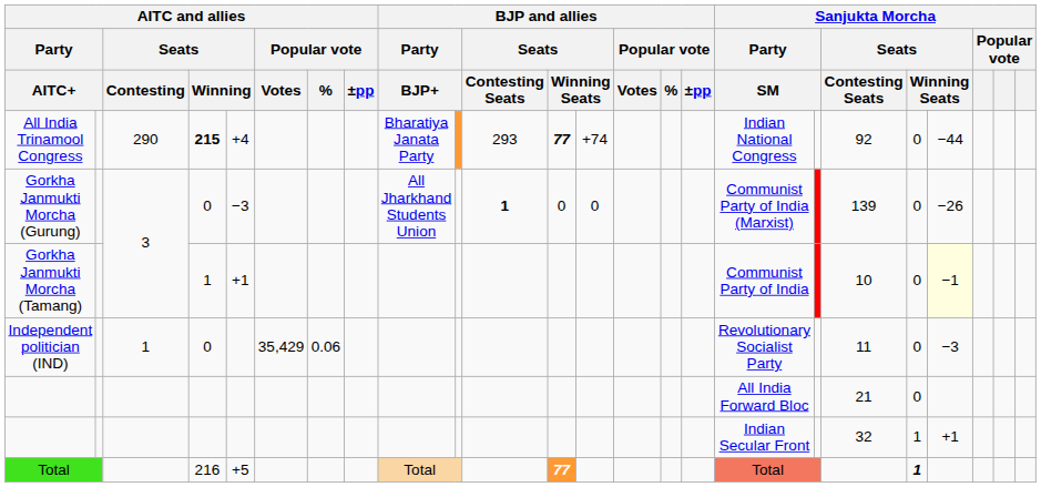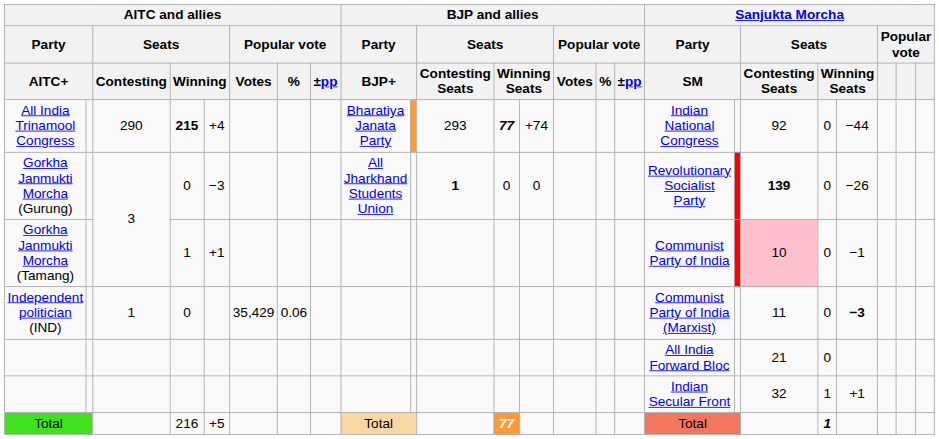 <table class="wikitable" width="35%" style="text-align:center;  font-size: x-big">
 <tr>
 <th colspan="8">AITC and allies</th>
 <th colspan="8">BJP and allies</th>
 <th colspan="8"><a href='#'>Sanjukta Morcha</a></th>
 </tr>
 <tr>
 <th colspan="2">Party</th>
 <th colspan="3">Seats</th>
 <th colspan="3">Popular vote</th>
 <th colspan="2">Party</th>
 <th colspan="3">Seats</th>
 <th colspan="3">Popular vote</th>
 <th colspan="2">Party</th>
 <th colspan="3">Seats</th>
 <th colspan="3">Popular vote</th>
 </tr>
 <tr>
 <th colspan="2" style="background:">AITC+</th>
 <th style="background:">Contesting</th>
 <th colspan="2" style="background:">Winning</th>
 <th>Votes</th>
 <th>%</th>
 <th>±<a href='#'>pp</a></th>
 <th colspan="2" style="background:">BJP+</th>
 <th style="background:">Contesting Seats</th>
 <th colspan="2" style="background:">Winning Seats</th>
 <th>Votes</th>
 <th>%</th>
 <th>±<a href='#'>pp</a></th>
 <th colspan="2" style="background:">SM</th>
 <th style="background:">Contesting Seats</th>
 <th colspan="2" style="background:">Winning Seats</th>
 <th></th>
 <th></th>
 <th></th>
 </tr>
 <tr>
 <td><a href='#'>All India Trinamool Congress</a></td>
 <td width="3px" style="background-color: "></td>
 <td>290</td>
 <td><strong>215</strong></td>
 <td>+4</td>
 <td></td>
 <td></td>
 <td></td>
 <td><a href='#'>Bharatiya Janata Party</a></td>
 <td width="3px" style="background-color: #FF9933"></td>
 <td>293</td>
 <td><strong><em>77</em></strong></td>
 <td>+74</td>
 <td></td>
 <td></td>
 <td></td>
 <td><a href='#'>Indian National Congress</a></td>
 <td width="3px" style="background-color: "></td>
 <td>92</td>
 <td>0</td>
 <td>−44</td>
 <td></td>
 <td></td>
 <td></td>
 </tr>
 <tr>
 <td><a href='#'>Gorkha Janmukti Morcha</a> (Gurung)</td>
 <td width="3px" style="background-color: "></td>
 <td rowspan=2>3</td>
 <td>0</td>
 <td>−3</td>
 <td></td>
 <td></td>
 <td></td>
 <td><a href='#'>All Jharkhand Students Union</a></td>
 <td width="3px" style="background-color: "></td>
 <td><strong>1</strong></td>
 <td>0</td>
 <td>0</td>
 <td></td>
 <td></td>
 <td></td>
-<td><a href='#'>Communist Party of India (Marxist)</a></td>
+<td><a href='#'>Revolutionary Socialist Party</a></td>
 <td width="3px" style="background-color: #FF0000"></td>
-<td>139</td>
+<td><strong>139</strong></td>
 <td>0</td>
 <td>−26</td>
 <td></td>
 <td></td>
 <td></td>
 </tr>
 <tr>
 <td><a href='#'>Gorkha Janmukti Morcha</a> (Tamang)</td>
 <td width="3px" style="background-color: "></td>
 <td>1</td>
 <td>+1</td>
 <td></td>
 <td></td>
 <td></td>
 <td></td>
 <td></td>
 <td></td>
 <td></td>
 <td></td>
 <td></td>
 <td></td>
 <td></td>
 <td><a href='#'>Communist Party of India</a></td>
 <td width="3px" style="background-color: #FF0000"></td>
-<td>10</td>
+<td style="background: pink;">10</td>
 <td>0</td>
-<td style="background: lightyellow;">−1</td>
+<td>−1</td>
 <td></td>
 <td></td>
 <td></td>
 </tr>
 <tr>
 <td><a href='#'>Independent politician</a> (IND)</td>
 <td width="3px" style="background-color:"></td>
 <td>1</td>
 <td>0</td>
 <td></td>
 <td style="text-align:right">35,429</td>
 <td style="text-align:right">0.06</td>
 <td></td>
 <td></td>
 <td></td>
 <td></td>
 <td></td>
 <td></td>
 <td></td>
 <td></td>
 <td></td>
-<td><a href='#'>Revolutionary Socialist Party</a></td>
+<td><a href='#'>Communist Party of India (Marxist)</a></td>
 <td width="3px" style="background-color: "></td>
 <td>11</td>
 <td>0</td>
-<td>−3</td>
+<td><strong>−3</strong></td>
 <td></td>
 <td></td>
 <td></td>
 </tr>
 <tr>
 <td></td>
 <td></td>
 <td></td>
 <td></td>
 <td></td>
 <td></td>
 <td></td>
 <td></td>
 <td></td>
 <td></td>
 <td></td>
 <td></td>
 <td></td>
 <td></td>
 <td></td>
 <td></td>
 <td><a href='#'>All India Forward Bloc</a></td>
 <td width="3px" style="background-color: "></td>
 <td>21</td>
 <td>0</td>
 <td></td>
 <td></td>
 <td></td>
 <td></td>
 </tr>
 <tr>
 <td></td>
 <td></td>
 <td></td>
 <td></td>
 <td></td>
 <td></td>
 <td></td>
 <td></td>
 <td></td>
 <td></td>
 <td></td>
 <td></td>
 <td></td>
 <td></td>
 <td></td>
 <td></td>
 <td><a href='#'>Indian Secular Front</a></td>
 <td width="3px" style="background-color: "></td>
 <td>32</td>
 <td>1</td>
 <td>+1</td>
 <td></td>
 <td></td>
 <td></td>
 </tr>
 <tr>
 <td colspan="2" style="background:#40E21E;">Total</td>
 <td></td>
 <td style="background:">216</td>
 <td>+5</td>
 <td></td>
 <td></td>
 <td></td>
 <td colspan="2" style="background:#FAD6A5">Total</td>
 <td></td>
 <td style="background:#FF9933; color:white;"><strong><em>77</em></strong></td>
 <td></td>
 <td></td>
 <td></td>
 <td></td>
 <td colspan="2" style="background:#f3775e">Total</td>
 <td></td>
 <td style="background:"><strong><em>1</em></strong></td>
 <td></td>
 <td></td>
 <td></td>
 <td></td>
 </tr>
 </table>
